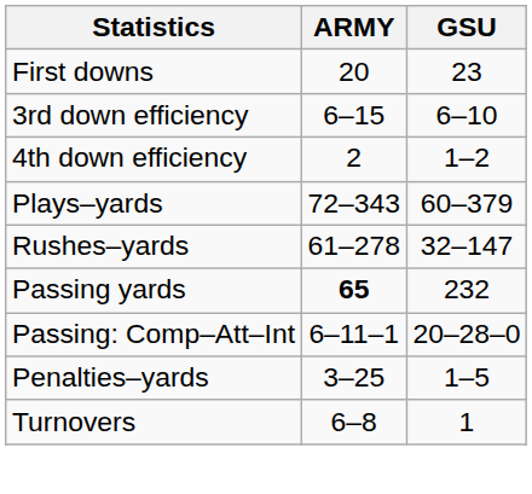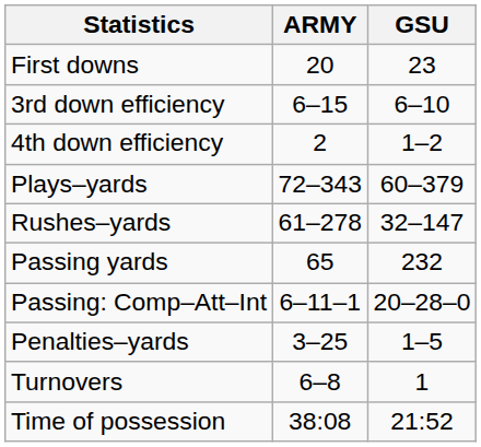 <table class="wikitable">
 <tr>
 <th>Statistics</th>
 <th>ARMY</th>
 <th>GSU</th>
 </tr>
 <tr>
 <td>First downs</td>
 <td align=center>20</td>
 <td align=center>23</td>
 </tr>
 <tr>
 <td>3rd down efficiency</td>
 <td align=center>6–15</td>
 <td align=center>6–10</td>
 </tr>
 <tr>
 <td>4th down efficiency</td>
 <td align=center>2</td>
 <td align=center>1–2</td>
 </tr>
 <tr>
 <td>Plays–yards</td>
 <td align=center>72–343</td>
 <td align=center>60–379</td>
 </tr>
 <tr>
 <td>Rushes–yards</td>
 <td align=center>61–278</td>
 <td align=center>32–147</td>
 </tr>
 <tr>
 <td>Passing yards</td>
-<td align=center><strong>65</strong></td>
+<td align=center>65</td>
 <td align=center>232</td>
 </tr>
 <tr>
 <td>Passing: Comp–Att–Int</td>
 <td align=center>6–11–1</td>
 <td align=center>20–28–0</td>
 </tr>
 <tr>
 <td>Penalties–yards</td>
 <td align=center>3–25</td>
 <td align=center>1–5</td>
 </tr>
 <tr>
 <td>Turnovers</td>
 <td align=center>6–8</td>
 <td align=center>1</td>
 </tr>
+<tr>
+<td>Time of possession</td>
+<td align=center>38:08</td>
+<td align=center>21:52</td>
+</tr>
 </table>
